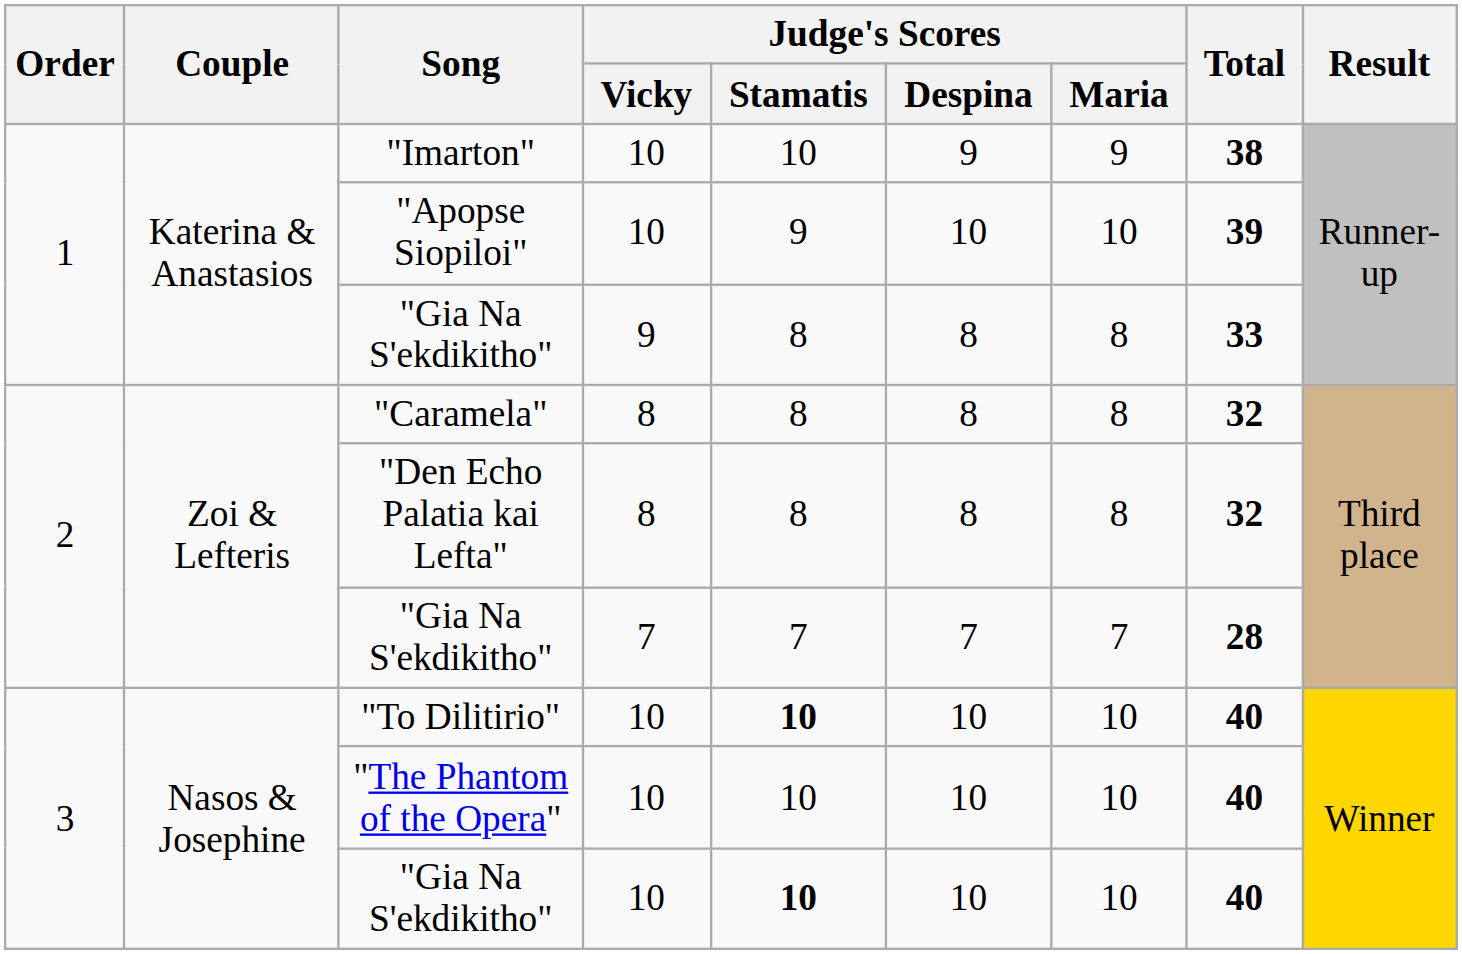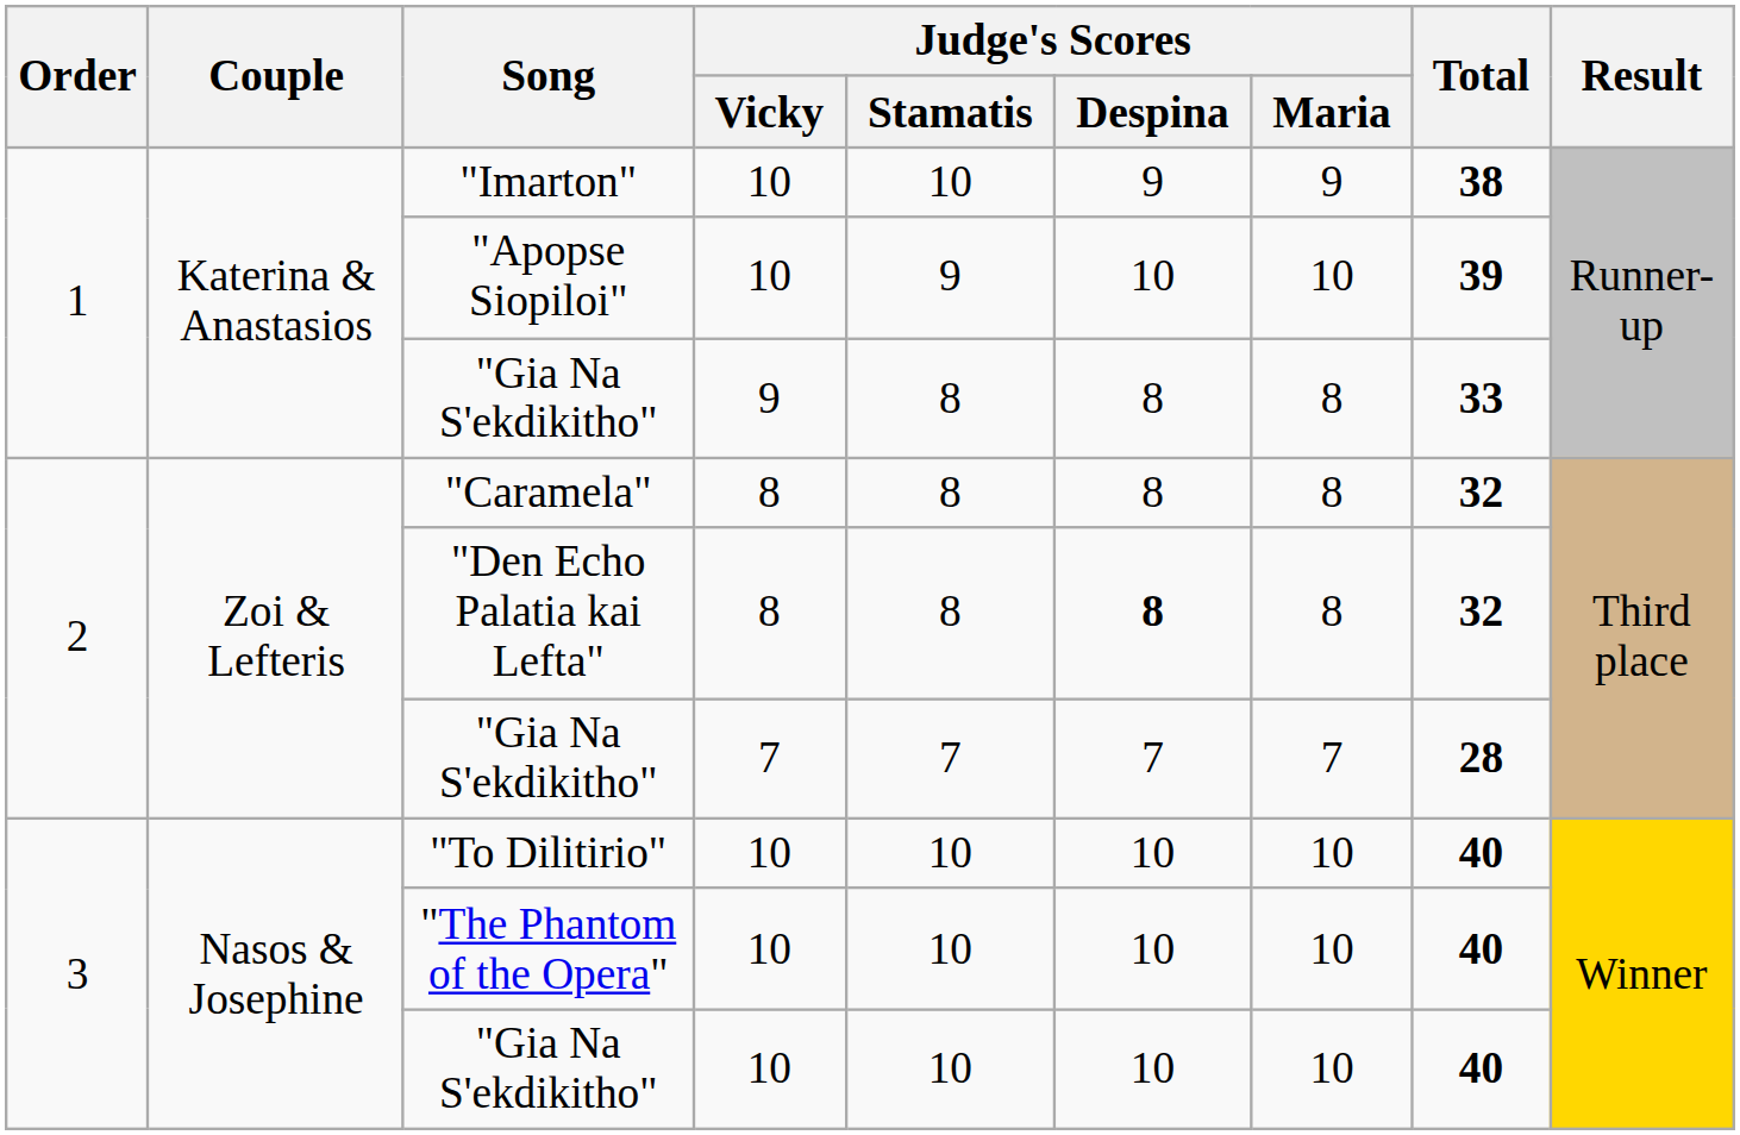 <table class="wikitable sortable center" style="text-align:center; width:100%;">
 <tr>
 <th rowspan="2" style="width:01%;">Order</th>
 <th rowspan="2" style="width:11%;">Couple</th>
 <th rowspan="2" style="width:13%;">Song</th>
 <th colspan="4" style="width:24%;">Judge's Scores</th>
 <th rowspan="2" style="width:05%;">Total</th>
 <th rowspan="2" style="width:05%;">Result</th>
 </tr>
 <tr>
 <th style="width:06%;">Vicky</th>
 <th style="width:06%;">Stamatis</th>
 <th style="width:06%;">Despina</th>
 <th style="width:06%;">Maria</th>
 </tr>
 <tr>
 <td rowspan="3">1</td>
 <td rowspan="3">Katerina & Anastasios</td>
 <td>"Imarton"</td>
 <td>10</td>
 <td>10</td>
 <td>9</td>
 <td>9</td>
 <td><strong>38</strong></td>
 <td style="background:silver;" rowspan="3">Runner-up</td>
 </tr>
 <tr>
 <td>"Apopse Siopiloi"</td>
 <td>10</td>
 <td>9</td>
 <td>10</td>
 <td>10</td>
 <td><strong>39</strong></td>
 </tr>
 <tr>
 <td>"Gia Na S'ekdikitho"</td>
 <td>9</td>
 <td>8</td>
 <td>8</td>
 <td>8</td>
 <td><strong>33</strong></td>
 </tr>
 <tr>
 <td rowspan="3">2</td>
 <td rowspan="3">Zoi & Lefteris</td>
 <td>"Caramela"</td>
 <td>8</td>
 <td>8</td>
 <td>8</td>
 <td>8</td>
 <td><strong>32</strong></td>
 <td style="background:tan;" rowspan="3">Third place</td>
 </tr>
 <tr>
 <td>"Den Echo Palatia kai Lefta"</td>
 <td>8</td>
 <td>8</td>
-<td>8</td>
+<td><strong>8</strong></td>
 <td>8</td>
 <td><strong>32</strong></td>
 </tr>
 <tr>
 <td>"Gia Na S'ekdikitho"</td>
 <td>7</td>
 <td>7</td>
 <td>7</td>
 <td>7</td>
 <td><strong>28</strong></td>
 </tr>
 <tr>
 <td rowspan="3">3</td>
 <td rowspan="3">Nasos & Josephine</td>
 <td>"To Dilitirio"</td>
 <td>10</td>
-<td><strong>10</strong></td>
+<td>10</td>
 <td>10</td>
 <td>10</td>
 <td><strong>40</strong></td>
 <td style="background:gold;" rowspan="3">Winner</td>
 </tr>
 <tr>
 <td>"<a href='#'>The Phantom of the Opera</a>"</td>
 <td>10</td>
 <td>10</td>
 <td>10</td>
 <td>10</td>
 <td><strong>40</strong></td>
 </tr>
 <tr>
 <td>"Gia Na S'ekdikitho"</td>
 <td>10</td>
-<td><strong>10</strong></td>
+<td>10</td>
 <td>10</td>
 <td>10</td>
 <td><strong>40</strong></td>
 </tr>
 </table>
